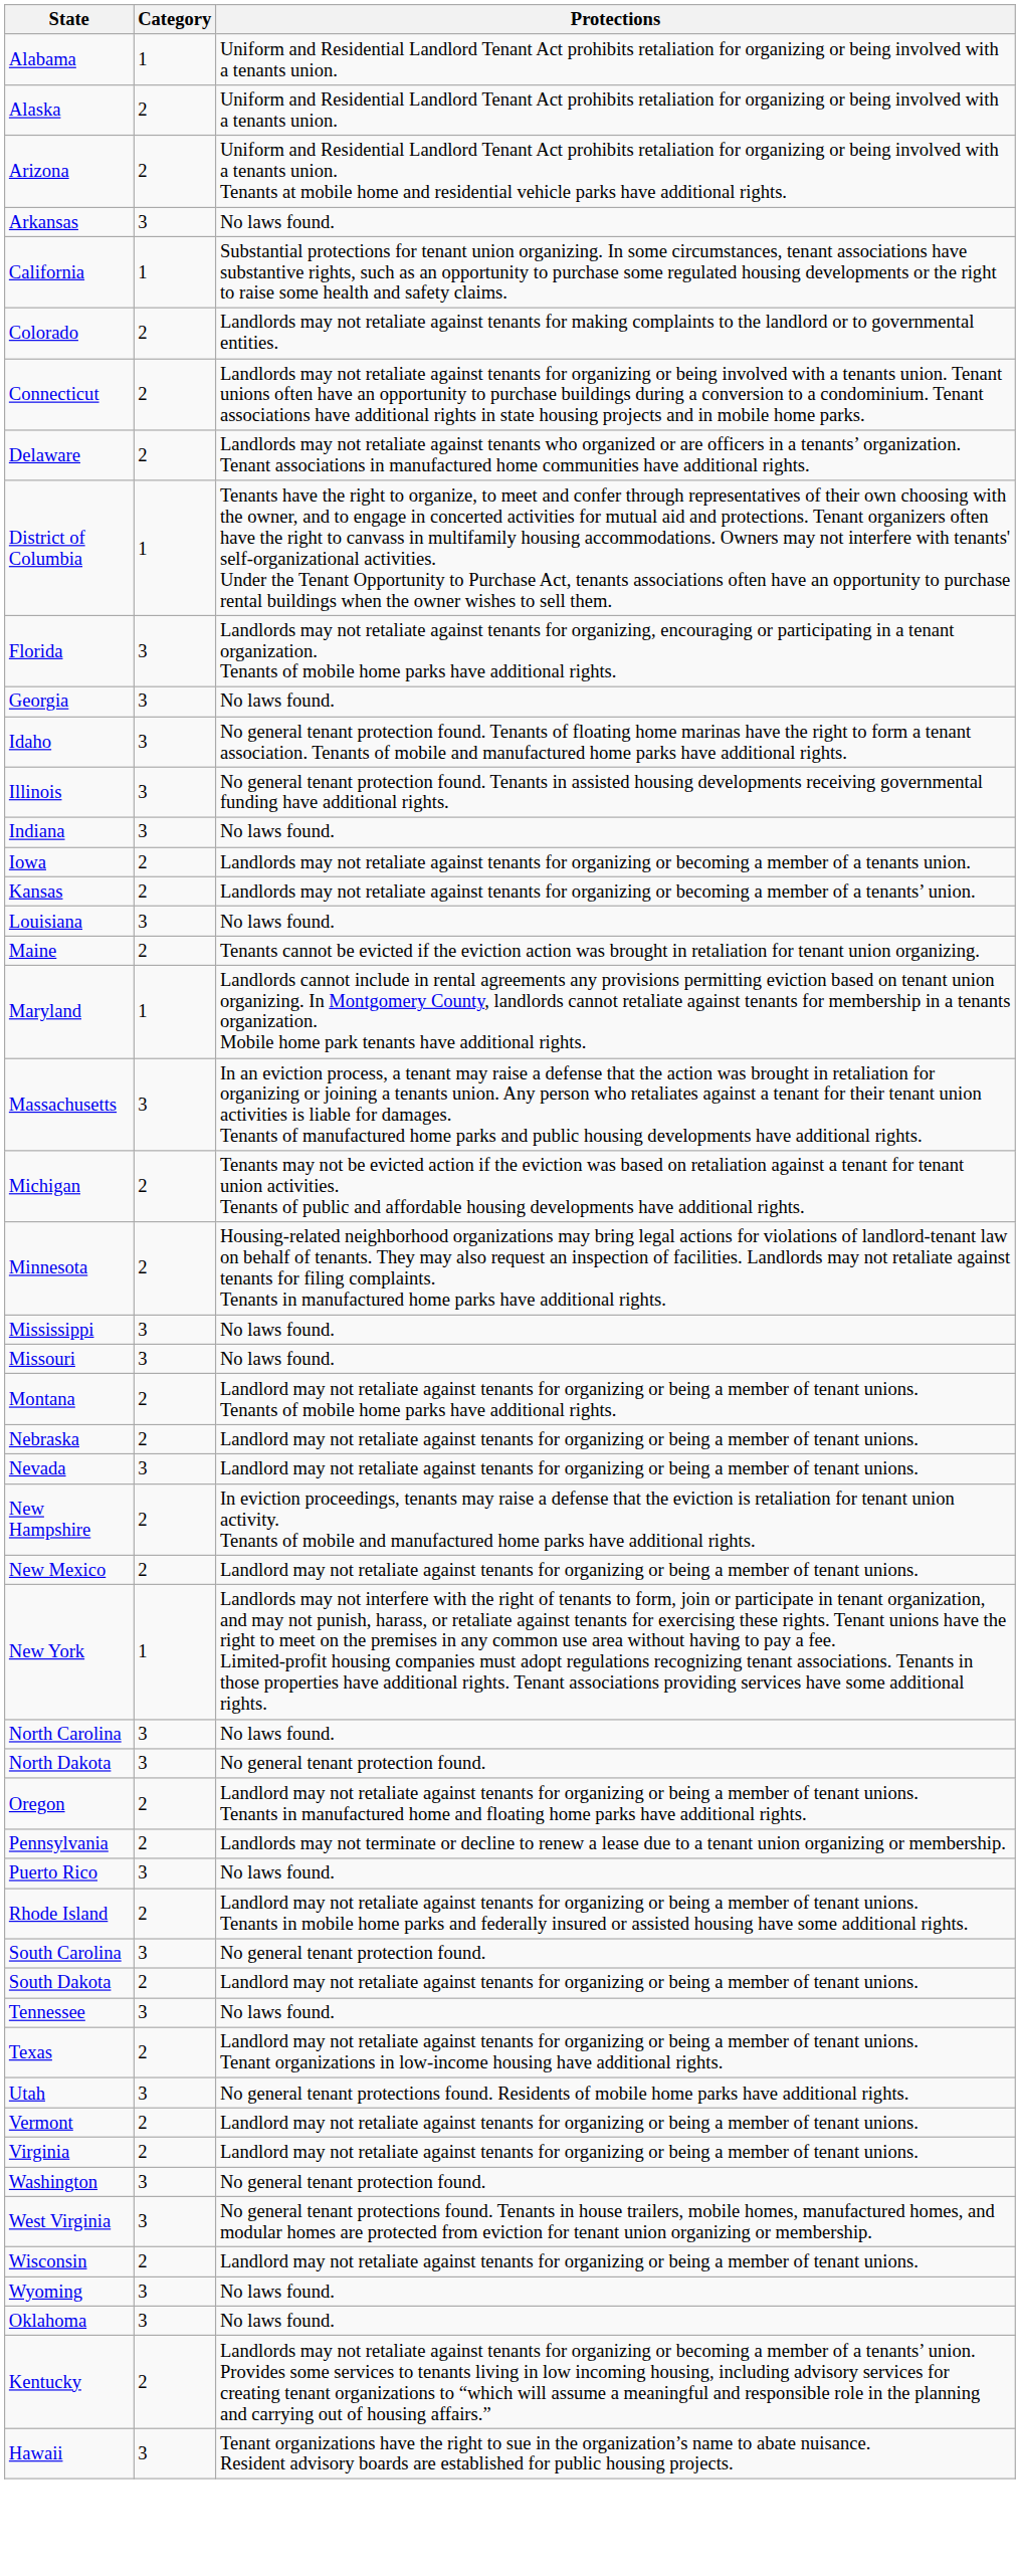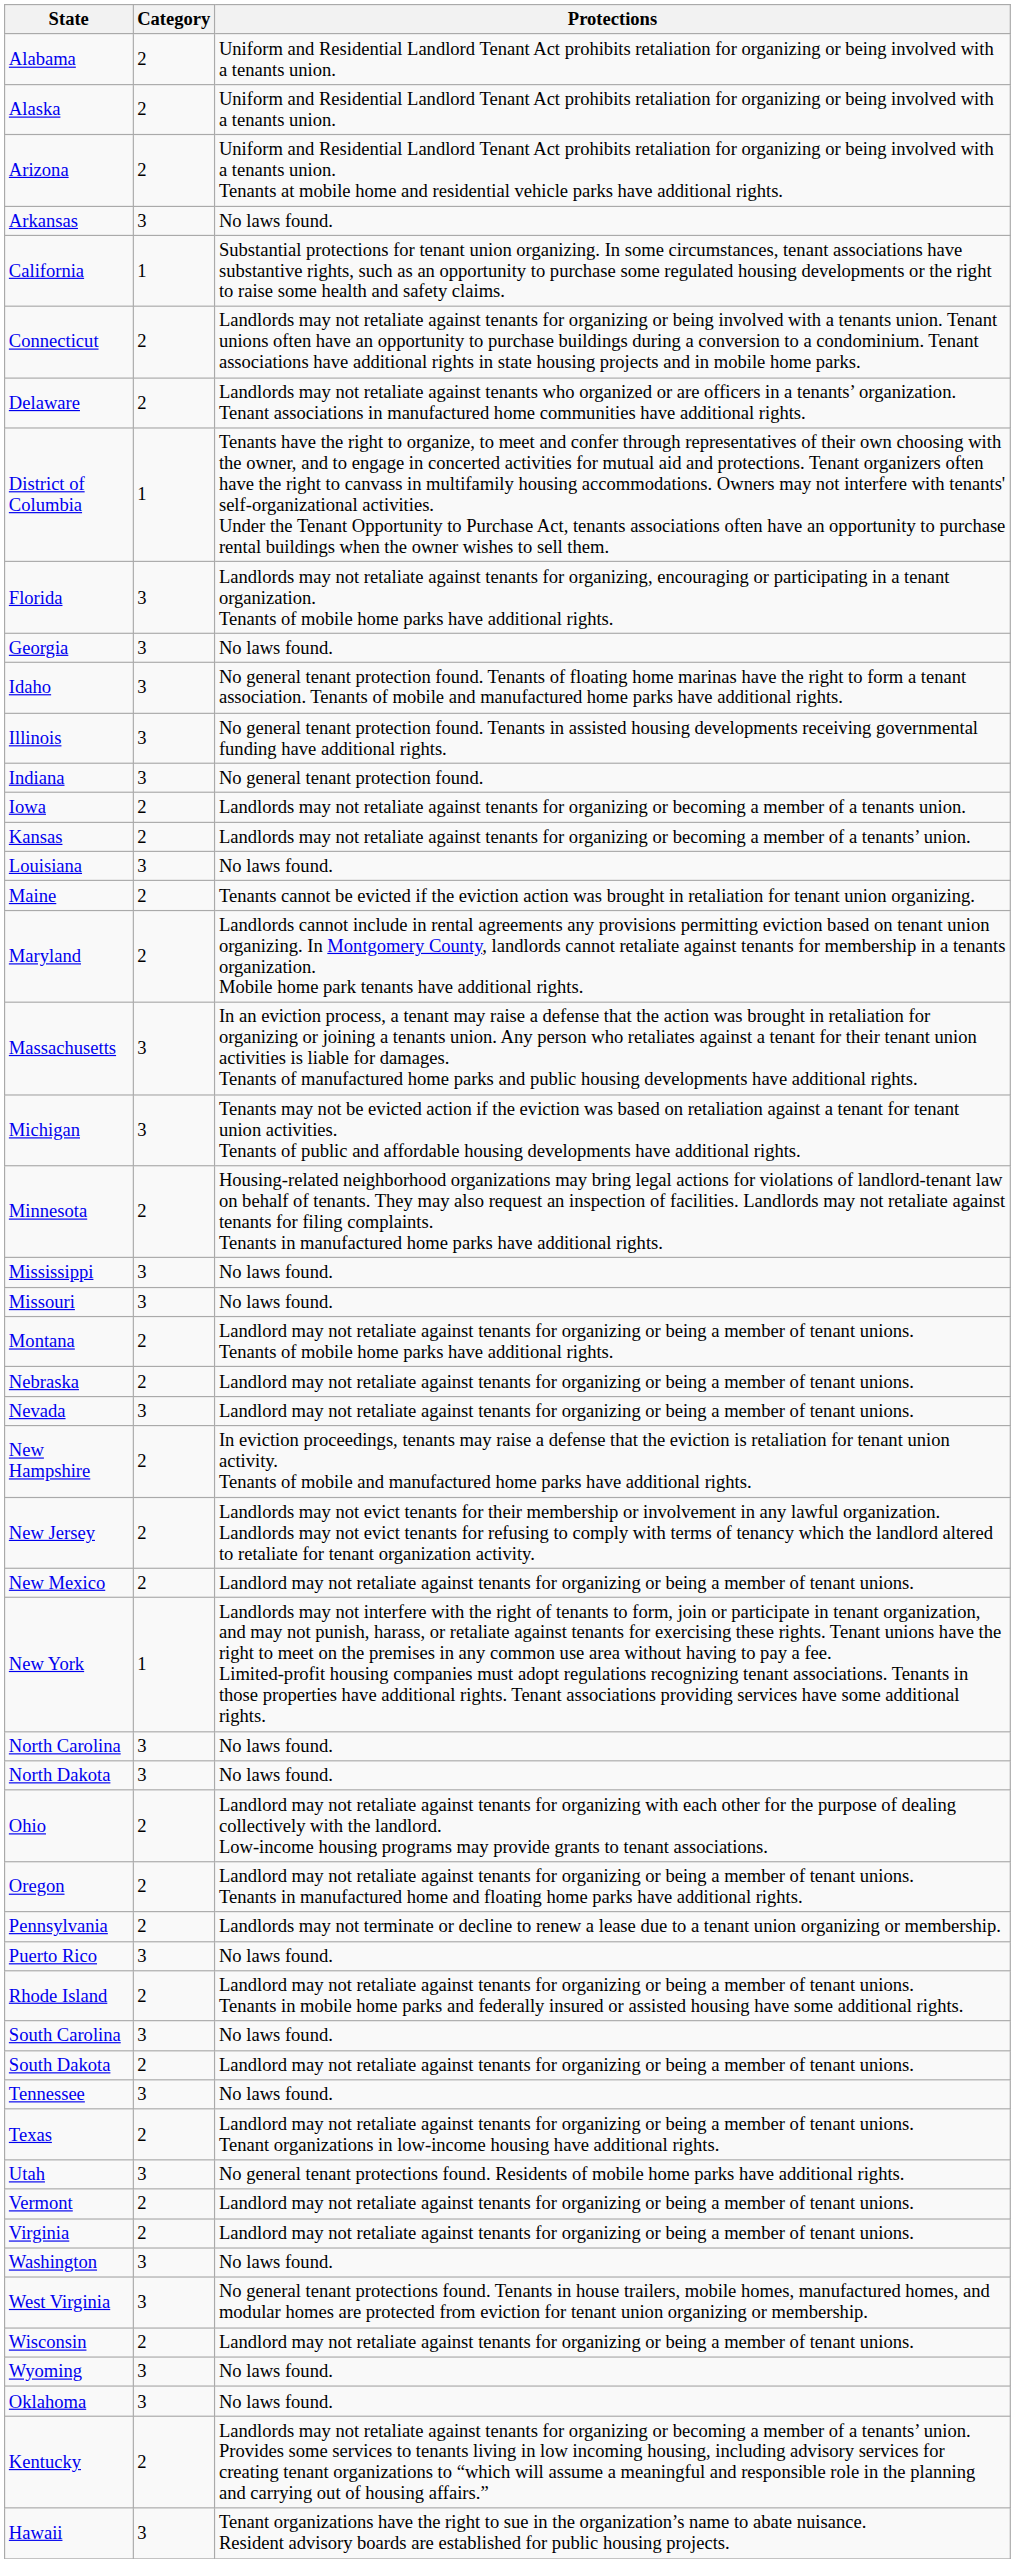 <table class="wikitable sortable mw-collapsible">
 <tr>
 <th>State</th>
 <th>Category</th>
 <th>Protections</th>
 </tr>
 <tr>
 <td><a href='#'>Alabama</a></td>
-<td>1</td>
+<td>2</td>
 <td>Uniform and Residential Landlord Tenant Act prohibits retaliation for organizing or being involved with a tenants union.</td>
 </tr>
 <tr>
 <td><a href='#'>Alaska</a></td>
 <td>2</td>
 <td>Uniform and Residential Landlord Tenant Act prohibits retaliation for organizing or being involved with a tenants union.</td>
 </tr>
 <tr>
 <td><a href='#'>Arizona</a></td>
 <td>2</td>
 <td>Uniform and Residential Landlord Tenant Act prohibits retaliation for organizing or being involved with a tenants union.<br>Tenants at mobile home and residential vehicle parks have additional rights.</td>
 </tr>
 <tr>
 <td><a href='#'>Arkansas</a></td>
 <td>3</td>
 <td>No laws found.</td>
 </tr>
 <tr>
 <td><a href='#'>California</a></td>
 <td>1</td>
 <td>Substantial protections for tenant union organizing.  In some circumstances, tenant associations have substantive rights, such as an opportunity to purchase some regulated housing developments or the right to raise some health and safety claims.</td>
-</tr>
-<tr>
-<td><a href='#'>Colorado</a></td>
-<td>2</td>
-<td>Landlords may not retaliate against tenants for making complaints to the landlord or to governmental entities.</td>
 </tr>
 <tr>
 <td><a href='#'>Connecticut</a></td>
 <td>2</td>
 <td>Landlords may not retaliate against tenants for organizing or being involved with a tenants union.  Tenant unions often have an opportunity to purchase buildings during a conversion to a condominium.  Tenant associations have additional rights in state housing projects and in mobile home parks.</td>
 </tr>
 <tr>
 <td><a href='#'>Delaware</a></td>
 <td>2</td>
 <td>Landlords may not retaliate against tenants who organized or are officers in a tenants’ organization.<br>Tenant associations in manufactured home communities have additional rights.</td>
 </tr>
 <tr>
 <td><a href='#'>District of Columbia</a></td>
 <td>1</td>
 <td>Tenants have the right to organize, to meet and confer through representatives of their own choosing with the owner, and to engage in concerted activities for mutual aid and protections.  Tenant organizers often have the right to canvass in multifamily housing accommodations.  Owners may not interfere with tenants' self-organizational activities.<br>Under the Tenant Opportunity to Purchase Act, tenants associations often have an opportunity to purchase rental buildings when the owner wishes to sell them.</td>
 </tr>
 <tr>
 <td><a href='#'>Florida</a></td>
 <td>3</td>
 <td>Landlords may not retaliate against tenants for organizing, encouraging or participating in a tenant organization.<br>Tenants of mobile home parks have additional rights.</td>
 </tr>
 <tr>
 <td><a href='#'>Georgia</a></td>
 <td>3</td>
 <td>No laws found.</td>
 </tr>
 <tr>
 <td><a href='#'>Idaho</a></td>
 <td>3</td>
 <td>No general tenant protection found.  Tenants of floating home marinas have the right to form a tenant association.   Tenants of mobile and manufactured home parks have additional rights.</td>
 </tr>
 <tr>
 <td><a href='#'>Illinois</a></td>
 <td>3</td>
 <td>No general tenant protection found. Tenants in assisted housing developments receiving governmental funding have additional rights.</td>
 </tr>
 <tr>
 <td><a href='#'>Indiana</a></td>
 <td>3</td>
-<td>No laws found.</td>
+<td>No general tenant protection found.</td>
 </tr>
 <tr>
 <td><a href='#'>Iowa</a></td>
 <td>2</td>
 <td>Landlords may not retaliate against tenants for organizing or becoming a member of a tenants union.</td>
 </tr>
 <tr>
 <td><a href='#'>Kansas</a></td>
 <td>2</td>
 <td>Landlords may not retaliate against tenants for organizing or becoming a member of a tenants’ union.</td>
 </tr>
 <tr>
 <td><a href='#'>Louisiana</a></td>
 <td>3</td>
 <td>No laws found.</td>
 </tr>
 <tr>
 <td><a href='#'>Maine</a></td>
 <td>2</td>
 <td>Tenants cannot be evicted if the eviction action was brought in retaliation for tenant union organizing.</td>
 </tr>
 <tr>
 <td><a href='#'>Maryland</a></td>
-<td>1</td>
+<td>2</td>
 <td>Landlords cannot include in rental agreements any provisions permitting eviction based on tenant union organizing.  In <a href='#'>Montgomery County</a>, landlords cannot retaliate against tenants for membership in a tenants organization.<br>Mobile home park tenants have additional rights.</td>
 </tr>
 <tr>
 <td><a href='#'>Massachusetts</a></td>
 <td>3</td>
 <td>In an eviction process, a tenant may raise a defense that the action was brought in retaliation for organizing or joining a tenants union. Any person who retaliates against a tenant for their tenant union activities is liable for damages.<br>Tenants of manufactured home parks and public housing developments have additional rights.</td>
 </tr>
 <tr>
 <td><a href='#'>Michigan</a></td>
-<td>2</td>
+<td>3</td>
 <td>Tenants may not be evicted action if the eviction was based on retaliation against a tenant for tenant union activities.<br>Tenants of public and affordable housing developments have additional rights.</td>
 </tr>
 <tr>
 <td><a href='#'>Minnesota</a></td>
 <td>2</td>
 <td>Housing-related neighborhood organizations may bring legal actions for violations of landlord-tenant law on behalf of tenants.  They may also request an inspection of facilities.  Landlords may not retaliate against tenants for filing complaints.<br>Tenants in manufactured home parks have additional rights.</td>
 </tr>
 <tr>
 <td><a href='#'>Mississippi</a></td>
 <td>3</td>
 <td>No laws found.</td>
 </tr>
 <tr>
 <td><a href='#'>Missouri</a></td>
 <td>3</td>
 <td>No laws found.</td>
 </tr>
 <tr>
 <td><a href='#'>Montana</a></td>
 <td>2</td>
 <td>Landlord may not retaliate against tenants for organizing or being a member of tenant unions.<br>Tenants of mobile home parks have additional rights.</td>
 </tr>
 <tr>
 <td><a href='#'>Nebraska</a></td>
 <td>2</td>
 <td>Landlord may not retaliate against tenants for organizing or being a member of tenant unions.</td>
 </tr>
 <tr>
 <td><a href='#'>Nevada</a></td>
 <td>3</td>
 <td>Landlord may not retaliate against tenants for organizing or being a member of tenant unions.</td>
 </tr>
 <tr>
 <td><a href='#'>New Hampshire</a></td>
 <td>2</td>
 <td>In eviction proceedings, tenants may raise a defense that the eviction is retaliation for tenant union activity.<br>Tenants of mobile and manufactured home parks have additional rights.</td>
 </tr>
 <tr>
+<td><a href='#'>New Jersey</a></td>
+<td>2</td>
+<td>Landlords may not evict tenants for their membership or involvement in any lawful organization.  Landlords may not evict tenants for refusing to comply with terms of tenancy which the landlord altered to retaliate for tenant organization activity.</td>
+</tr>
+<tr>
 <td><a href='#'>New Mexico</a></td>
 <td>2</td>
 <td>Landlord may not retaliate against tenants for organizing or being a member of tenant unions.</td>
 </tr>
 <tr>
 <td><a href='#'>New York</a></td>
 <td>1</td>
 <td>Landlords may not interfere with the right of tenants to form, join or participate in tenant organization, and may not punish, harass, or retaliate against tenants for exercising these rights.  Tenant unions have the right to meet on the premises in any common use area without having to pay a fee.<br>Limited-profit housing companies must adopt regulations recognizing tenant associations.  Tenants in those properties have additional rights.  Tenant associations providing services have some additional rights.</td>
 </tr>
 <tr>
 <td><a href='#'>North Carolina</a></td>
 <td>3</td>
 <td>No laws found.</td>
 </tr>
 <tr>
 <td><a href='#'>North Dakota</a></td>
 <td>3</td>
-<td>No general tenant protection found.</td>
+<td>No laws found.</td>
+</tr>
+<tr>
+<td><a href='#'>Ohio</a></td>
+<td>2</td>
+<td>Landlord may not retaliate against tenants for organizing with each other for the purpose of dealing collectively with the landlord.<br>Low-income housing programs may provide grants to tenant associations.</td>
 </tr>
 <tr>
 <td><a href='#'>Oregon</a></td>
 <td>2</td>
 <td>Landlord may not retaliate against tenants for organizing or being a member of tenant unions.<br>Tenants in manufactured home and floating home parks have additional rights.</td>
 </tr>
 <tr>
 <td><a href='#'>Pennsylvania</a></td>
 <td>2</td>
 <td>Landlords may not terminate or decline to renew a lease due to a tenant union organizing or membership.</td>
 </tr>
 <tr>
 <td><a href='#'>Puerto Rico</a></td>
 <td>3</td>
 <td>No laws found.</td>
 </tr>
 <tr>
 <td><a href='#'>Rhode Island</a></td>
 <td>2</td>
 <td>Landlord may not retaliate against tenants for organizing or being a member of tenant unions.<br>Tenants in mobile home parks and federally insured or assisted housing have some additional rights.</td>
 </tr>
 <tr>
 <td><a href='#'>South Carolina</a></td>
 <td>3</td>
-<td>No general tenant protection found.</td>
+<td>No laws found.</td>
 </tr>
 <tr>
 <td><a href='#'>South Dakota</a></td>
 <td>2</td>
 <td>Landlord may not retaliate against tenants for organizing or being a member of tenant unions.</td>
 </tr>
 <tr>
 <td><a href='#'>Tennessee</a></td>
 <td>3</td>
 <td>No laws found.</td>
 </tr>
 <tr>
 <td><a href='#'>Texas</a></td>
 <td>2</td>
 <td>Landlord may not retaliate against tenants for organizing or being a member of tenant unions.<br>Tenant organizations in low-income housing have additional rights.</td>
 </tr>
 <tr>
 <td><a href='#'>Utah</a></td>
 <td>3</td>
 <td>No general tenant protections found.  Residents of mobile home parks have additional rights.</td>
 </tr>
 <tr>
 <td><a href='#'>Vermont</a></td>
 <td>2</td>
 <td>Landlord may not retaliate against tenants for organizing or being a member of tenant unions.</td>
 </tr>
 <tr>
 <td><a href='#'>Virginia</a></td>
 <td>2</td>
 <td>Landlord may not retaliate against tenants for organizing or being a member of tenant unions.</td>
 </tr>
 <tr>
 <td><a href='#'>Washington</a></td>
 <td>3</td>
-<td>No general tenant protection found.</td>
+<td>No laws found.</td>
 </tr>
 <tr>
 <td><a href='#'>West Virginia</a></td>
 <td>3</td>
 <td>No general tenant protections found.  Tenants in house trailers, mobile homes, manufactured homes, and modular homes are protected from eviction for tenant union organizing or membership.</td>
 </tr>
 <tr>
 <td><a href='#'>Wisconsin</a></td>
 <td>2</td>
 <td>Landlord may not retaliate against tenants for organizing or being a member of tenant unions.</td>
 </tr>
 <tr>
 <td><a href='#'>Wyoming</a></td>
 <td>3</td>
 <td>No laws found.</td>
 </tr>
 <tr>
 <td><a href='#'>Oklahoma</a></td>
 <td>3</td>
 <td>No laws found.</td>
 </tr>
 <tr>
 <td><a href='#'>Kentucky</a></td>
 <td>2</td>
 <td>Landlords may not retaliate against tenants for organizing or becoming a member of a tenants’ union.<br>Provides some services to tenants living in low incoming housing, including advisory services for creating tenant organizations to “which will assume a meaningful and responsible role in the planning and carrying out of housing affairs.”</td>
 </tr>
 <tr>
 <td><a href='#'>Hawaii</a></td>
 <td>3</td>
 <td>Tenant organizations have the right to sue in the organization’s name to abate nuisance.<br>Resident advisory boards are established for public housing projects.</td>
 </tr>
 </table>
